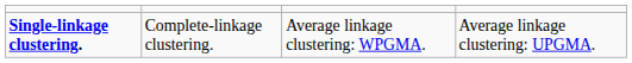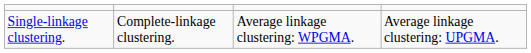 <table class="wikitable">
 <tr>
 <td></td>
 <td></td>
 <td></td>
 <td></td>
 </tr>
 <tr>
-<td><strong><a href='#'>Single-linkage clustering</a>.</strong></td>
+<td><a href='#'>Single-linkage clustering</a>.</td>
 <td>Complete-linkage clustering.</td>
 <td>Average linkage clustering: <a href='#'>WPGMA</a>.</td>
 <td>Average linkage clustering: <a href='#'>UPGMA</a>.</td>
 </tr>
 </table>
